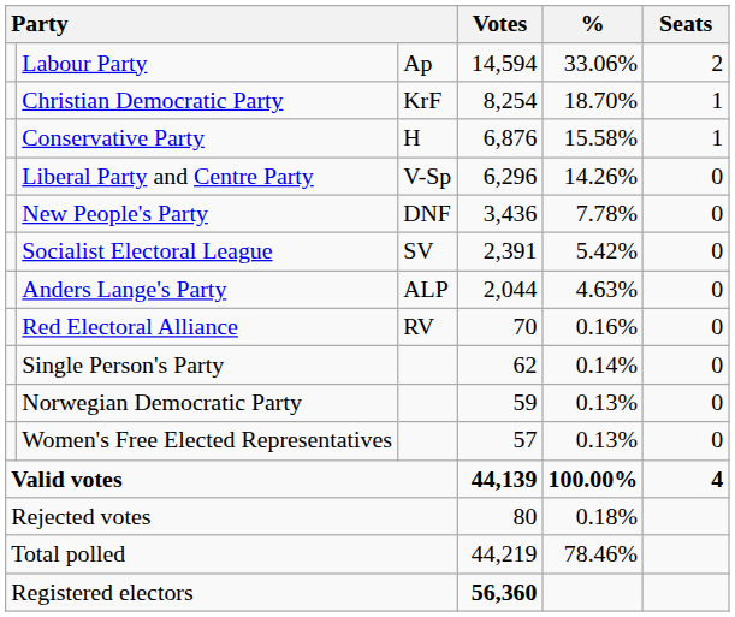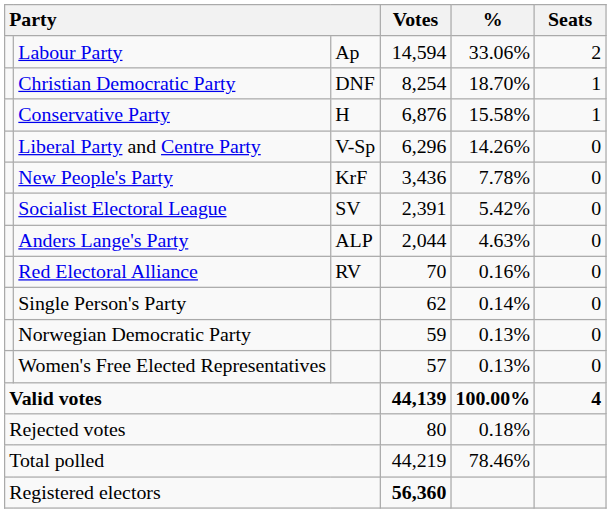 <table class="wikitable" border="1" style="text-align:right;">
 <tr>
 <th style="text-align:left;" colspan=3>Party</th>
 <th align=center width="50">Votes</th>
 <th align=center width="50">%</th>
 <th align=center width="50">Seats</th>
 </tr>
 <tr>
 <td style="color:inherit;background:"></td>
 <td align=left><a href='#'>Labour Party</a></td>
 <td align=left>Ap</td>
 <td>14,594</td>
 <td>33.06%</td>
 <td>2</td>
 </tr>
 <tr>
 <td style="color:inherit;background:"></td>
 <td align=left><a href='#'>Christian Democratic Party</a></td>
-<td align=left>KrF</td>
+<td align=left>DNF</td>
 <td>8,254</td>
 <td>18.70%</td>
 <td>1</td>
 </tr>
 <tr>
 <td style="color:inherit;background:"></td>
 <td align=left><a href='#'>Conservative Party</a></td>
 <td align=left>H</td>
 <td>6,876</td>
 <td>15.58%</td>
 <td>1</td>
 </tr>
 <tr>
 <td></td>
 <td align=left><a href='#'>Liberal Party</a> and <a href='#'>Centre Party</a></td>
 <td align=left>V-Sp</td>
 <td>6,296</td>
 <td>14.26%</td>
 <td>0</td>
 </tr>
 <tr>
 <td style="color:inherit;background:"></td>
 <td align=left><a href='#'>New People's Party</a></td>
-<td align=left>DNF</td>
+<td align=left>KrF</td>
 <td>3,436</td>
 <td>7.78%</td>
 <td>0</td>
 </tr>
 <tr>
 <td style="color:inherit;background:"></td>
 <td align=left><a href='#'>Socialist Electoral League</a></td>
 <td align=left>SV</td>
 <td>2,391</td>
 <td>5.42%</td>
 <td>0</td>
 </tr>
 <tr>
 <td style="color:inherit;background:"></td>
 <td align=left><a href='#'>Anders Lange's Party</a></td>
 <td align=left>ALP</td>
 <td>2,044</td>
 <td>4.63%</td>
 <td>0</td>
 </tr>
 <tr>
 <td style="color:inherit;background:"></td>
 <td align=left><a href='#'>Red Electoral Alliance</a></td>
 <td align=left>RV</td>
 <td>70</td>
 <td>0.16%</td>
 <td>0</td>
 </tr>
 <tr>
 <td></td>
 <td align=left>Single Person's Party</td>
 <td align=left></td>
 <td>62</td>
 <td>0.14%</td>
 <td>0</td>
 </tr>
 <tr>
 <td></td>
 <td align=left>Norwegian Democratic Party</td>
 <td align=left></td>
 <td>59</td>
 <td>0.13%</td>
 <td>0</td>
 </tr>
 <tr>
 <td></td>
 <td align=left>Women's Free Elected Representatives</td>
 <td align=left></td>
 <td>57</td>
 <td>0.13%</td>
 <td>0</td>
 </tr>
 <tr style="font-weight:bold">
 <td align=left colspan=3>Valid votes</td>
 <td>44,139</td>
 <td>100.00%</td>
 <td>4</td>
 </tr>
 <tr>
 <td align=left colspan=3>Rejected votes</td>
 <td>80</td>
 <td>0.18%</td>
 <td></td>
 </tr>
 <tr>
 <td align=left colspan=3>Total polled</td>
 <td>44,219</td>
 <td>78.46%</td>
 <td></td>
 </tr>
 <tr>
 <td align=left colspan=3>Registered electors</td>
 <td><strong>56,360</strong></td>
 <td></td>
 <td></td>
 </tr>
 </table>
